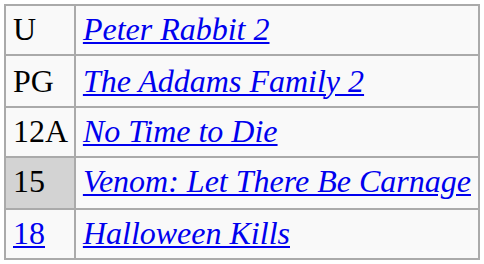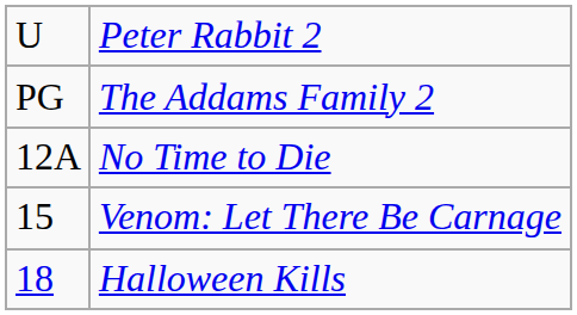 <table class="wikitable sortable" style="margin:auto; margin:auto;">
 <tr>
 <td>U</td>
 <td><em><a href='#'>Peter Rabbit 2</a></em></td>
 </tr>
 <tr>
 <td>PG</td>
 <td><em><a href='#'>The Addams Family 2</a></em></td>
 </tr>
 <tr>
 <td>12A</td>
 <td><em><a href='#'>No Time to Die</a></em></td>
 </tr>
 <tr>
-<td style="background: lightgrey;">15</td>
+<td>15</td>
 <td><em><a href='#'>Venom: Let There Be Carnage</a></em></td>
 </tr>
 <tr>
 <td><a href='#'>18</a></td>
 <td><em><a href='#'>Halloween Kills</a></em></td>
 </tr>
 </table>
